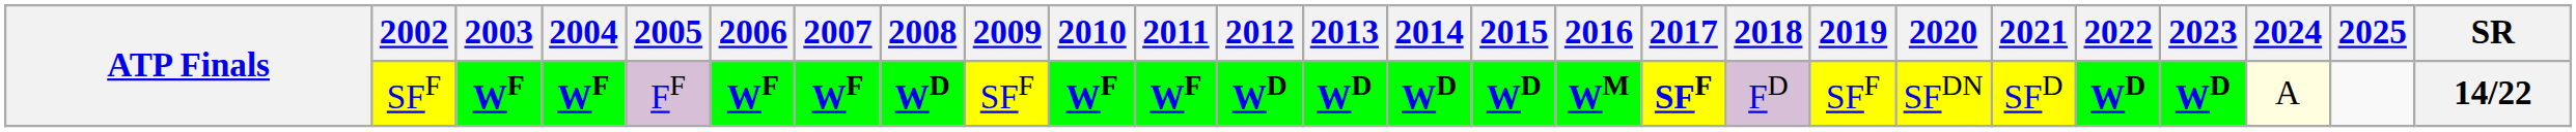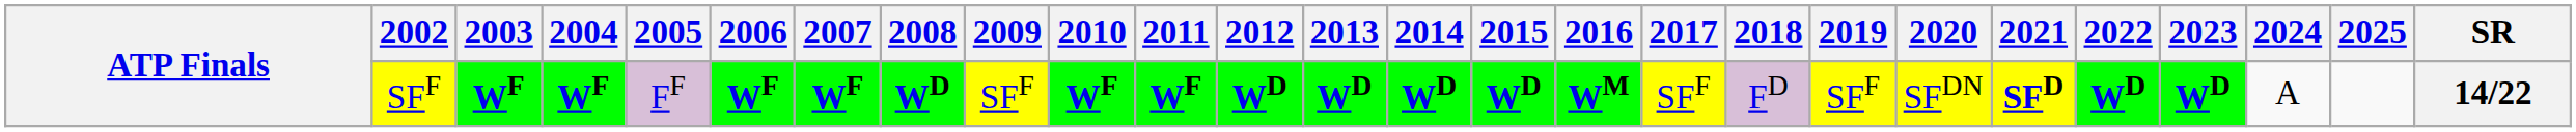 <table class="wikitable nowrap" style="text-align:center;font-size:92%">
 <tr>
 <th rowspan="2" width="150"><a href='#'>ATP Finals</a></th>
 <th><a href='#'>2002</a></th>
 <th><a href='#'>2003</a></th>
 <th><a href='#'>2004</a></th>
 <th><a href='#'>2005</a></th>
 <th><a href='#'>2006</a></th>
 <th><a href='#'>2007</a></th>
 <th><a href='#'>2008</a></th>
 <th><a href='#'>2009</a></th>
 <th><a href='#'>2010</a></th>
 <th><a href='#'>2011</a></th>
 <th><a href='#'>2012</a></th>
 <th><a href='#'>2013</a></th>
 <th><a href='#'>2014</a></th>
 <th><a href='#'>2015</a></th>
 <th><a href='#'>2016</a></th>
 <th><a href='#'>2017</a></th>
 <th><a href='#'>2018</a></th>
 <th><a href='#'>2019</a></th>
 <th><a href='#'>2020</a></th>
 <th><a href='#'>2021</a></th>
 <th><a href='#'>2022</a></th>
 <th><a href='#'>2023</a></th>
 <th><a href='#'>2024</a></th>
 <th><a href='#'>2025</a></th>
 <th width="60">SR</th>
 </tr>
 <tr>
 <td style="background:yellow;"><a href='#'>SF</a><sup>F</sup></td>
 <td style="background-color:lime"><a href='#'><strong>W</strong></a><sup><strong>F</strong></sup></td>
 <td style="background-color:lime"><a href='#'><strong>W</strong></a><sup><strong>F</strong></sup></td>
 <td style="background:thistle;"><a href='#'>F</a><sup>F</sup></td>
 <td style="background-color:lime"><a href='#'><strong>W</strong></a><sup><strong>F</strong></sup></td>
 <td style="background-color:lime"><a href='#'><strong>W</strong></a><sup><strong>F</strong></sup></td>
 <td style="background-color:lime"><a href='#'><strong>W</strong></a><sup><strong>D</strong></sup></td>
 <td style="background:yellow;"><a href='#'>SF</a><sup>F</sup></td>
 <td style="background-color:lime"><a href='#'><strong>W</strong></a><sup><strong>F</strong></sup></td>
 <td style="background-color:lime"><a href='#'><strong>W</strong></a><sup><strong>F</strong></sup></td>
 <td style="background-color:lime"><a href='#'><strong>W</strong></a><sup><strong>D</strong></sup></td>
 <td style="background-color:lime"><a href='#'><strong>W</strong></a><sup><strong>D</strong></sup></td>
 <td style="background-color:lime"><a href='#'><strong>W</strong></a><sup><strong>D</strong></sup></td>
 <td style="background-color:lime"><a href='#'><strong>W</strong></a><sup><strong>D</strong></sup></td>
 <td style="background-color:lime"><a href='#'><strong>W</strong></a><sup><strong>M</strong></sup></td>
-<td style="background-color:yellow"><strong><a href='#'>SF</a><sup>F</sup></strong></td>
+<td style="background-color:yellow"><a href='#'>SF</a><sup>F</sup></td>
 <td style="background:thistle;"><a href='#'>F</a><sup>D</sup></td>
 <td style="background-color:yellow"><a href='#'>SF</a><sup>F</sup></td>
 <td style="background-color:yellow"><a href='#'>SF</a><sup>DN</sup></td>
-<td style="background-color:yellow"><a href='#'>SF</a><sup>D</sup></td>
+<td style="background-color:yellow"><strong><a href='#'>SF</a><sup>D</sup></strong></td>
 <td style="background-color:lime"><a href='#'><strong>W</strong></a><sup><strong>D</strong></sup></td>
 <td style="background-color:lime"><a href='#'><strong>W</strong></a><sup><strong>D</strong></sup></td>
-<td style="background: lightyellow;">A</td>
+<td>A</td>
 <td></td>
 <th>14/22</th>
 </tr>
 </table>
